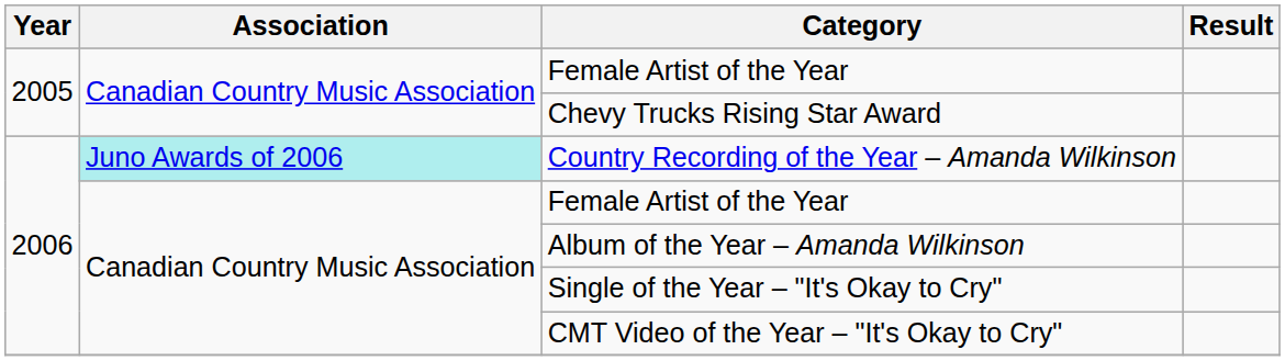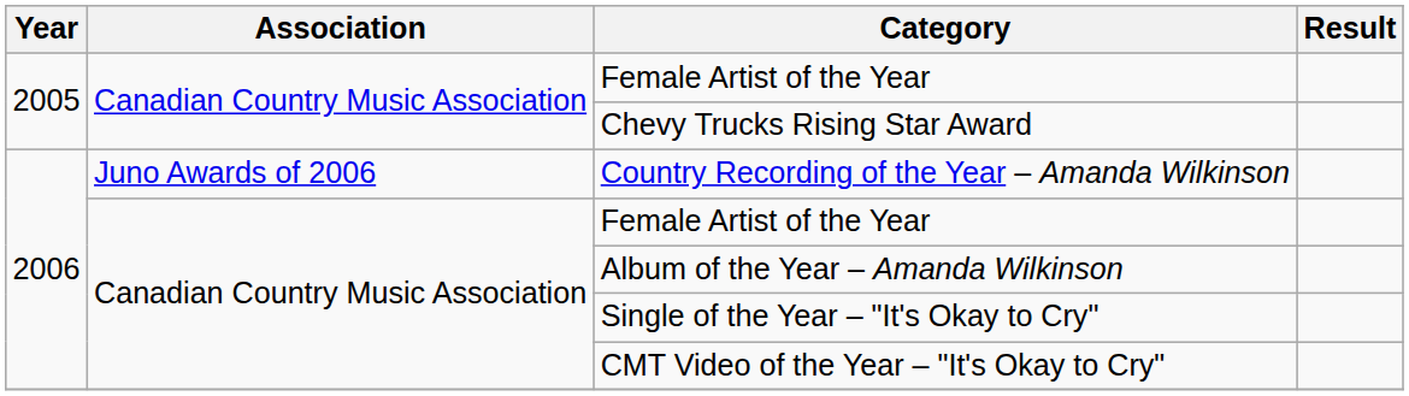 <table class="wikitable">
 <tr>
 <th>Year</th>
 <th>Association</th>
 <th>Category</th>
 <th>Result</th>
 </tr>
 <tr>
 <td rowspan="2">2005</td>
 <td rowspan="2"><a href='#'>Canadian Country Music Association</a></td>
 <td>Female Artist of the Year</td>
 <td></td>
 </tr>
 <tr>
 <td>Chevy Trucks Rising Star Award</td>
 <td></td>
 </tr>
 <tr>
 <td rowspan="5">2006</td>
-<td style="background: paleturquoise;"><a href='#'>Juno Awards of 2006</a></td>
+<td><a href='#'>Juno Awards of 2006</a></td>
 <td><a href='#'>Country Recording of the Year</a> – <em>Amanda Wilkinson</em></td>
 <td></td>
 </tr>
 <tr>
 <td rowspan="4">Canadian Country Music Association</td>
 <td>Female Artist of the Year</td>
 <td></td>
 </tr>
 <tr>
 <td>Album of the Year – <em>Amanda Wilkinson</em></td>
 <td></td>
 </tr>
 <tr>
 <td>Single of the Year – "It's Okay to Cry"</td>
 <td></td>
 </tr>
 <tr>
 <td>CMT Video of the Year – "It's Okay to Cry"</td>
 <td></td>
 </tr>
 <tr>
 </tr>
 </table>
